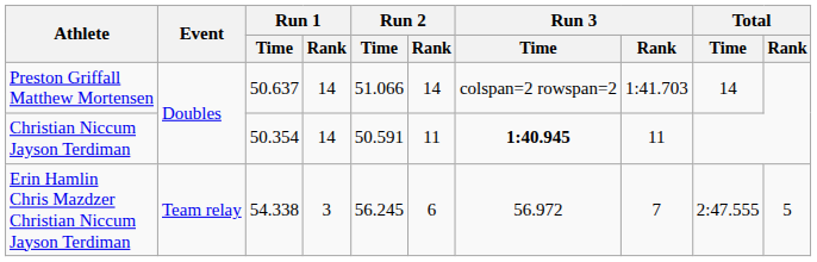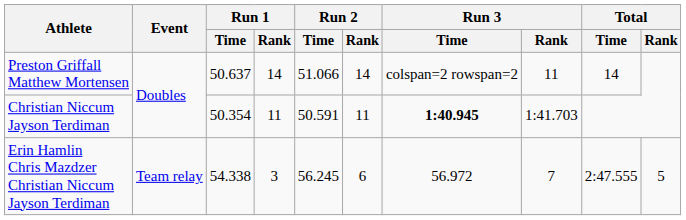 <table class=wikitable style=font-size:90%;text-align:center>
 <tr>
 <th rowspan=2>Athlete</th>
 <th rowspan=2>Event</th>
 <th colspan=2>Run 1</th>
 <th colspan=2>Run 2</th>
 <th colspan=2>Run 3</th>
 <th colspan=2>Total</th>
 </tr>
 <tr style=font-size:95%>
 <th>Time</th>
 <th>Rank</th>
 <th>Time</th>
 <th>Rank</th>
 <th>Time</th>
 <th>Rank</th>
 <th>Time</th>
 <th>Rank</th>
 </tr>
 <tr>
 <td align=left><a href='#'>Preston Griffall</a><br><a href='#'>Matthew Mortensen</a></td>
 <td align=left rowspan=2><a href='#'>Doubles</a></td>
 <td>50.637</td>
 <td>14</td>
 <td>51.066</td>
 <td>14</td>
 <td>colspan=2 rowspan=2 </td>
-<td>1:41.703</td>
+<td>11</td>
 <td>14</td>
 </tr>
 <tr>
 <td align=left><a href='#'>Christian Niccum</a><br><a href='#'>Jayson Terdiman</a></td>
 <td>50.354</td>
-<td>14</td>
+<td>11</td>
 <td>50.591</td>
 <td>11</td>
 <td><strong>1:40.945</strong></td>
-<td>11</td>
+<td>1:41.703</td>
 </tr>
 <tr>
 <td align=left><a href='#'>Erin Hamlin</a><br><a href='#'>Chris Mazdzer</a><br><a href='#'>Christian Niccum</a><br><a href='#'>Jayson Terdiman</a></td>
 <td align=left><a href='#'>Team relay</a></td>
 <td>54.338</td>
 <td>3</td>
 <td>56.245</td>
 <td>6</td>
 <td>56.972</td>
 <td>7</td>
 <td>2:47.555</td>
 <td>5</td>
 </tr>
 </table>
